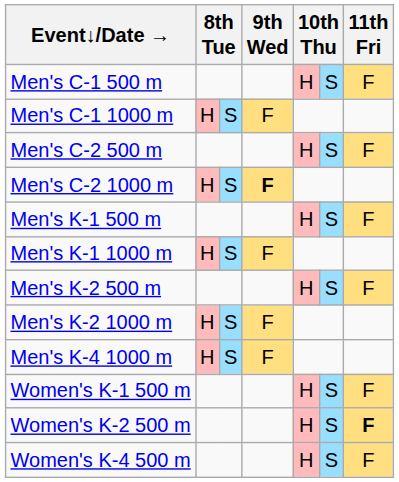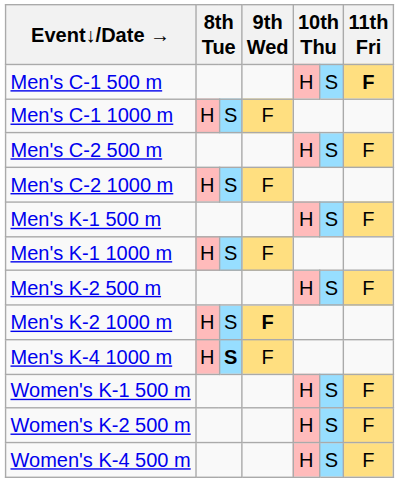 <table class="wikitable" style="margin:0.5em auto; font-size:90%; line-height:1.25em; text-align:center;">
 <tr>
 <th>Event↓/Date →</th>
 <th colspan=2>8th<br>Tue</th>
 <th>9th<br>Wed</th>
 <th colspan=2>10th<br>Thu</th>
 <th>11th<br>Fri</th>
 </tr>
 <tr>
 <td align="left"><a href='#'>Men's C-1 500 m</a></td>
 <td colspan=2></td>
 <td></td>
 <td bgcolor="#FFBBBB">H</td>
 <td bgcolor="#97DEFF">S</td>
-<td bgcolor="#FFDF80">F</td>
+<td bgcolor="#FFDF80"><strong>F</strong></td>
 </tr>
 <tr>
 <td align="left"><a href='#'>Men's C-1 1000 m</a></td>
 <td bgcolor="#FFBBBB">H</td>
 <td bgcolor="#97DEFF">S</td>
 <td bgcolor="#FFDF80">F</td>
 <td colspan=2></td>
 <td></td>
 </tr>
 <tr>
 <td align="left"><a href='#'>Men's C-2 500 m</a></td>
 <td colspan=2></td>
 <td></td>
 <td bgcolor="#FFBBBB">H</td>
 <td bgcolor="#97DEFF">S</td>
 <td bgcolor="#FFDF80">F</td>
 </tr>
 <tr>
 <td align="left"><a href='#'>Men's C-2 1000 m</a></td>
 <td bgcolor="#FFBBBB">H</td>
 <td bgcolor="#97DEFF">S</td>
-<td bgcolor="#FFDF80"><strong>F</strong></td>
+<td bgcolor="#FFDF80">F</td>
 <td colspan=2></td>
 <td></td>
 </tr>
 <tr>
 <td align="left"><a href='#'>Men's K-1 500 m</a></td>
 <td colspan=2></td>
 <td></td>
 <td bgcolor="#FFBBBB">H</td>
 <td bgcolor="#97DEFF">S</td>
 <td bgcolor="#FFDF80">F</td>
 </tr>
 <tr>
 <td align="left"><a href='#'>Men's K-1 1000 m</a></td>
 <td bgcolor="#FFBBBB">H</td>
 <td bgcolor="#97DEFF">S</td>
 <td bgcolor="#FFDF80">F</td>
 <td colspan=2></td>
 <td></td>
 </tr>
 <tr>
 <td align="left"><a href='#'>Men's K-2 500 m</a></td>
 <td colspan=2></td>
 <td></td>
 <td bgcolor="#FFBBBB">H</td>
 <td bgcolor="#97DEFF">S</td>
 <td bgcolor="#FFDF80">F</td>
 </tr>
 <tr>
 <td align="left"><a href='#'>Men's K-2 1000 m</a></td>
 <td bgcolor="#FFBBBB">H</td>
 <td bgcolor="#97DEFF">S</td>
-<td bgcolor="#FFDF80">F</td>
+<td bgcolor="#FFDF80"><strong>F</strong></td>
 <td colspan=2></td>
 <td></td>
 </tr>
 <tr>
 <td align="left"><a href='#'>Men's K-4 1000 m</a></td>
 <td bgcolor="#FFBBBB">H</td>
-<td bgcolor="#97DEFF">S</td>
+<td bgcolor="#97DEFF"><strong>S</strong></td>
 <td bgcolor="#FFDF80">F</td>
 <td colspan=2></td>
 <td></td>
 </tr>
 <tr>
 <td align="left"><a href='#'>Women's K-1 500 m</a></td>
 <td colspan=2></td>
 <td></td>
 <td bgcolor="#FFBBBB">H</td>
 <td bgcolor="#97DEFF">S</td>
 <td bgcolor="#FFDF80">F</td>
 </tr>
 <tr>
 <td align="left"><a href='#'>Women's K-2 500 m</a></td>
 <td colspan=2></td>
 <td></td>
 <td bgcolor="#FFBBBB">H</td>
 <td bgcolor="#97DEFF">S</td>
-<td bgcolor="#FFDF80"><strong>F</strong></td>
+<td bgcolor="#FFDF80">F</td>
 </tr>
 <tr>
 <td align="left"><a href='#'>Women's K-4 500 m</a></td>
 <td colspan=2></td>
 <td></td>
 <td bgcolor="#FFBBBB">H</td>
 <td bgcolor="#97DEFF">S</td>
 <td bgcolor="#FFDF80">F</td>
 </tr>
 </table>
